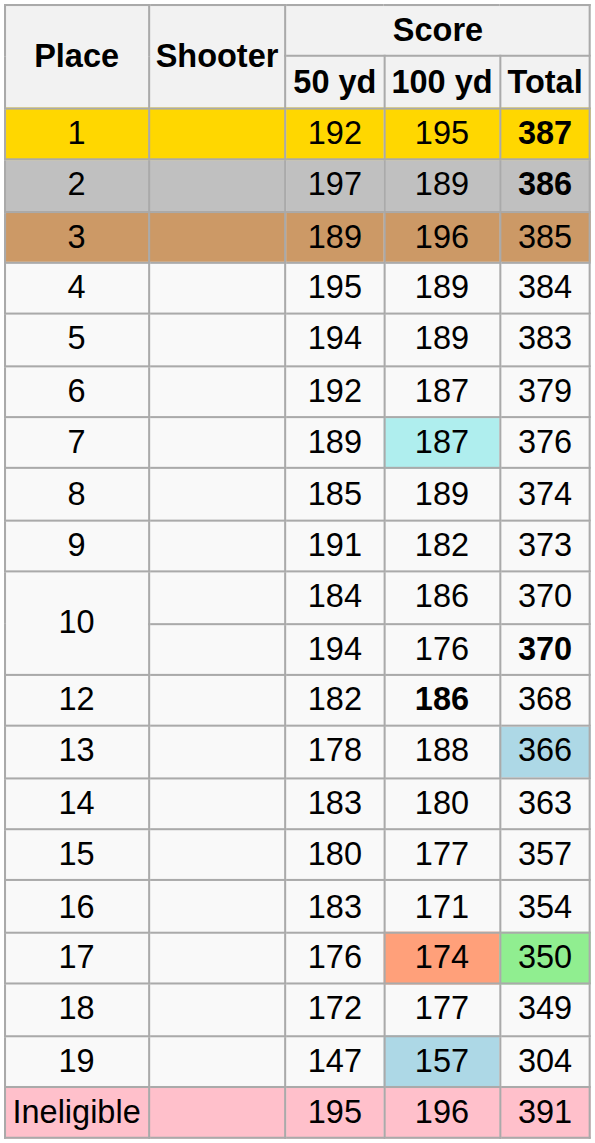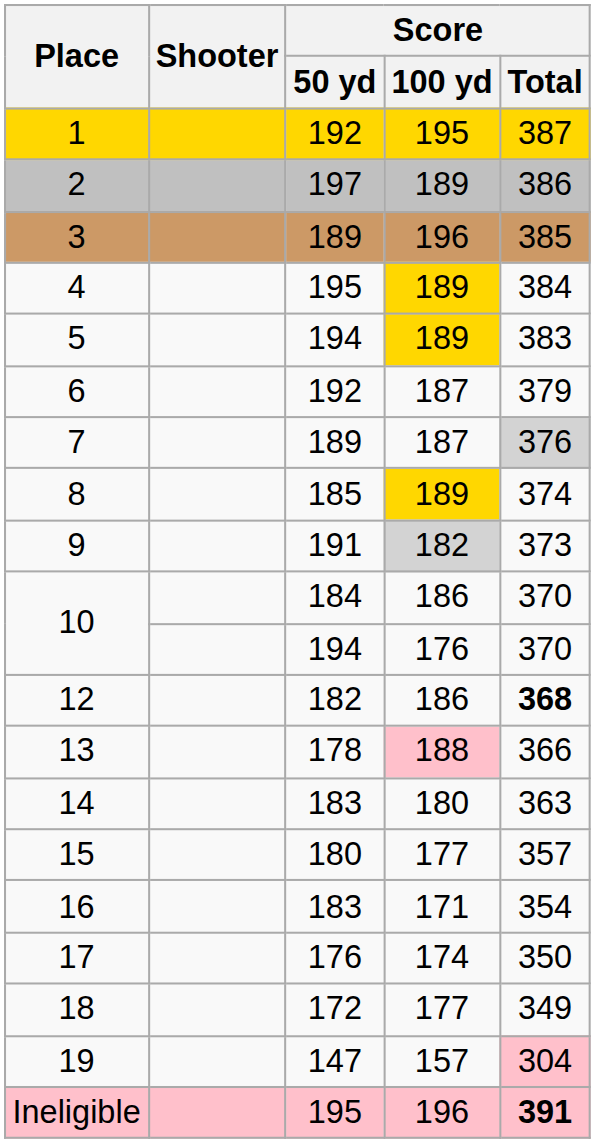 <table class=wikitable>
 <tr>
 <th rowspan=2>Place</th>
 <th rowspan=2>Shooter</th>
 <th colspan=3>Score</th>
 </tr>
 <tr>
 <th>50 yd</th>
 <th>100 yd</th>
 <th>Total</th>
 </tr>
 <tr align=center bgcolor=gold>
 <td>1</td>
 <td align=left></td>
 <td>192</td>
 <td>195</td>
-<td><strong>387</strong></td>
+<td>387</td>
 </tr>
 <tr align=center bgcolor=silver>
 <td>2</td>
 <td align=left></td>
 <td>197</td>
 <td>189</td>
-<td><strong>386</strong></td>
+<td>386</td>
 </tr>
 <tr align=center bgcolor=cc9966>
 <td>3</td>
 <td align=left></td>
 <td>189</td>
 <td>196</td>
 <td>385</td>
 </tr>
 <tr align=center>
 <td>4</td>
 <td align=left></td>
 <td>195</td>
-<td>189</td>
+<td style="background: gold;">189</td>
 <td>384</td>
 </tr>
 <tr align=center>
 <td>5</td>
 <td align=left></td>
 <td>194</td>
-<td>189</td>
+<td style="background: gold;">189</td>
 <td>383</td>
 </tr>
 <tr align=center>
 <td>6</td>
 <td align=left></td>
 <td>192</td>
 <td>187</td>
 <td>379</td>
 </tr>
 <tr align=center>
 <td>7</td>
 <td align=left></td>
 <td>189</td>
-<td style="background: paleturquoise;">187</td>
-<td>376</td>
+<td>187</td>
+<td style="background: lightgrey;">376</td>
 </tr>
 <tr align=center>
 <td>8</td>
 <td align=left></td>
 <td>185</td>
-<td>189</td>
+<td style="background: gold;">189</td>
 <td>374</td>
 </tr>
 <tr align=center>
 <td>9</td>
 <td align=left></td>
 <td>191</td>
-<td>182</td>
+<td style="background: lightgrey;">182</td>
 <td>373</td>
 </tr>
 <tr align=center>
 <td rowspan=2>10</td>
 <td align=left></td>
 <td>184</td>
 <td>186</td>
 <td>370</td>
 </tr>
 <tr align=center>
 <td align=left></td>
 <td>194</td>
 <td>176</td>
-<td><strong>370</strong></td>
+<td>370</td>
 </tr>
 <tr align=center>
 <td>12</td>
 <td align=left></td>
 <td>182</td>
-<td><strong>186</strong></td>
-<td>368</td>
+<td>186</td>
+<td><strong>368</strong></td>
 </tr>
 <tr align=center>
 <td>13</td>
 <td align=left></td>
 <td>178</td>
-<td>188</td>
-<td style="background: lightblue;">366</td>
+<td style="background: pink;">188</td>
+<td>366</td>
 </tr>
 <tr align=center>
 <td>14</td>
 <td align=left></td>
 <td>183</td>
 <td>180</td>
 <td>363</td>
 </tr>
 <tr align=center>
 <td>15</td>
 <td align=left></td>
 <td>180</td>
 <td>177</td>
 <td>357</td>
 </tr>
 <tr align=center>
 <td>16</td>
 <td align=left></td>
 <td>183</td>
 <td>171</td>
 <td>354</td>
 </tr>
 <tr align=center>
 <td>17</td>
 <td align=left></td>
 <td>176</td>
-<td style="background: lightsalmon;">174</td>
-<td style="background: lightgreen;">350</td>
+<td>174</td>
+<td>350</td>
 </tr>
 <tr align=center>
 <td>18</td>
 <td align=left></td>
 <td>172</td>
 <td>177</td>
 <td>349</td>
 </tr>
 <tr align=center>
 <td>19</td>
 <td align=left></td>
 <td>147</td>
-<td style="background: lightblue;">157</td>
-<td>304</td>
+<td>157</td>
+<td style="background: pink;">304</td>
 </tr>
 <tr align=center bgcolor=pink>
 <td>Ineligible</td>
 <td align=left></td>
 <td>195</td>
 <td>196</td>
-<td>391</td>
+<td><strong>391</strong></td>
 </tr>
 </table>
